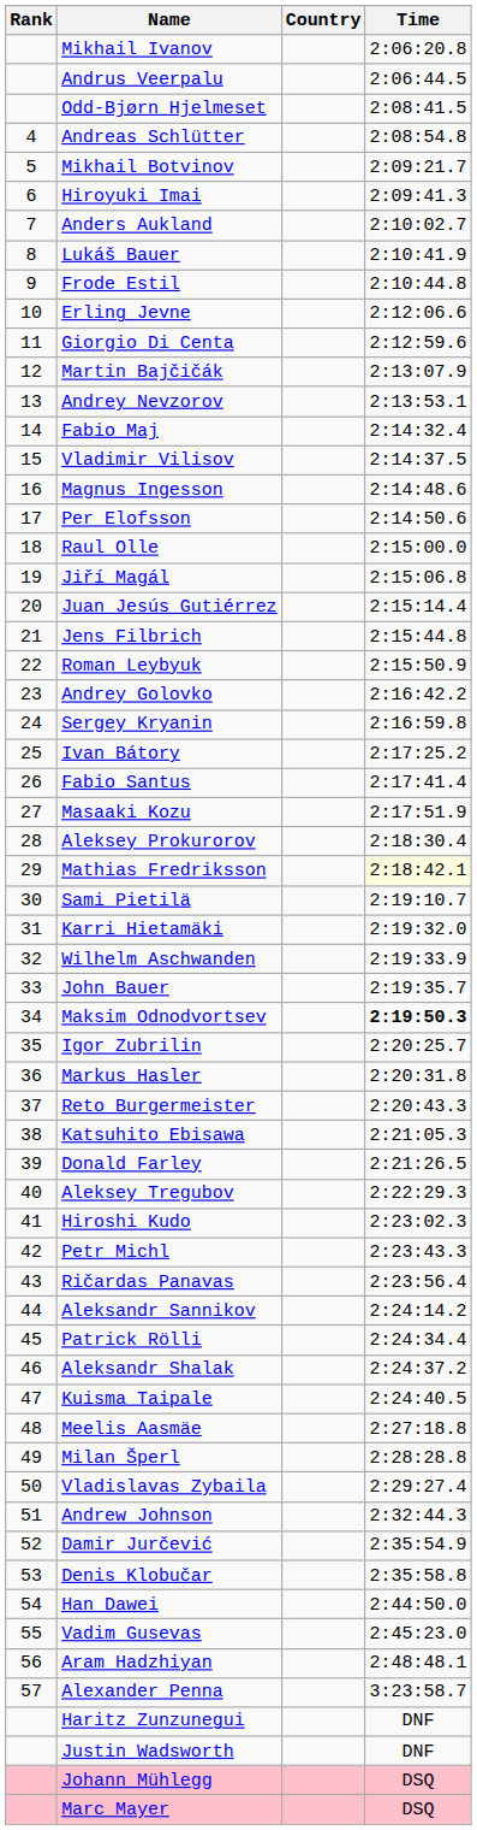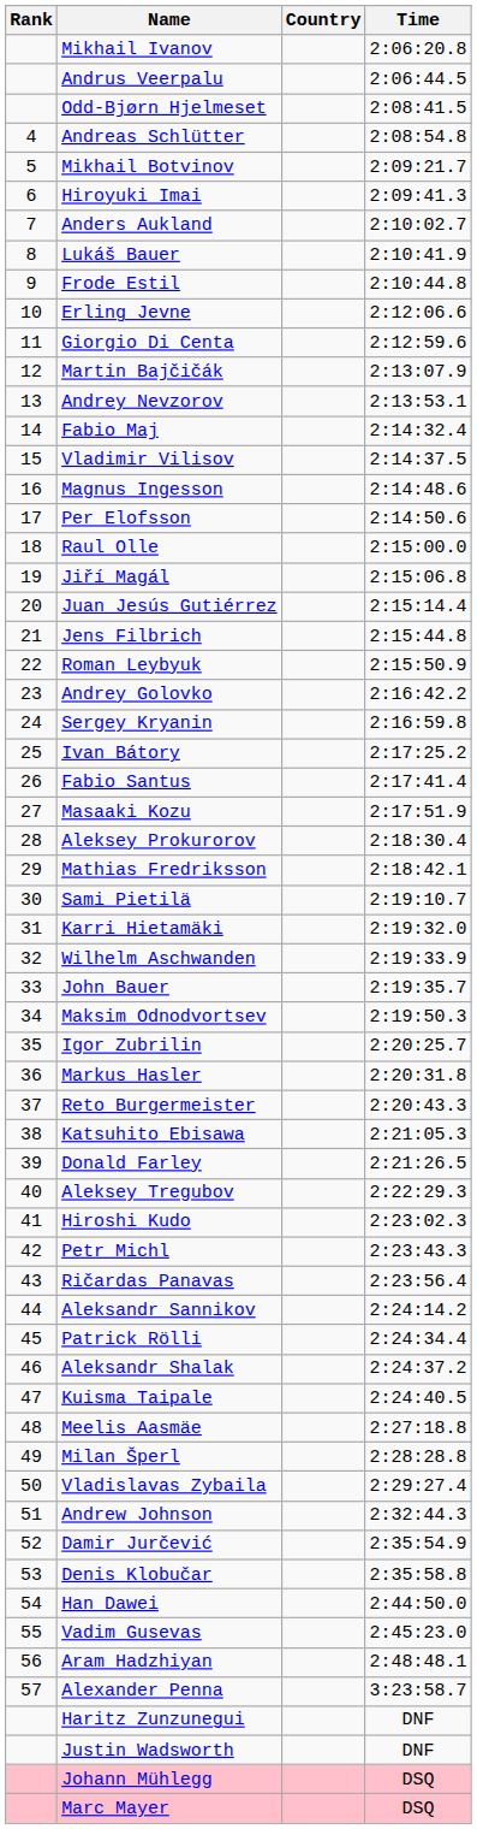 <table class="wikitable sortable" style="text-align:center">
 <tr>
 <th>Rank</th>
 <th>Name</th>
 <th>Country</th>
 <th>Time</th>
 </tr>
 <tr>
 <td></td>
 <td align="left"><a href='#'>Mikhail Ivanov</a></td>
 <td align="left"></td>
 <td>2:06:20.8</td>
 </tr>
 <tr>
 <td></td>
 <td align="left"><a href='#'>Andrus Veerpalu</a></td>
 <td align="left"></td>
 <td>2:06:44.5</td>
 </tr>
 <tr>
 <td></td>
 <td align="left"><a href='#'>Odd-Bjørn Hjelmeset</a></td>
 <td align="left"></td>
 <td>2:08:41.5</td>
 </tr>
 <tr>
 <td>4</td>
 <td align="left"><a href='#'>Andreas Schlütter</a></td>
 <td align="left"></td>
 <td>2:08:54.8</td>
 </tr>
 <tr>
 <td>5</td>
 <td align="left"><a href='#'>Mikhail Botvinov</a></td>
 <td align="left"></td>
 <td>2:09:21.7</td>
 </tr>
 <tr>
 <td>6</td>
 <td align="left"><a href='#'>Hiroyuki Imai</a></td>
 <td align="left"></td>
 <td>2:09:41.3</td>
 </tr>
 <tr>
 <td>7</td>
 <td align="left"><a href='#'>Anders Aukland</a></td>
 <td align="left"></td>
 <td>2:10:02.7</td>
 </tr>
 <tr>
 <td>8</td>
 <td align="left"><a href='#'>Lukáš Bauer</a></td>
 <td align="left"></td>
 <td>2:10:41.9</td>
 </tr>
 <tr>
 <td>9</td>
 <td align="left"><a href='#'>Frode Estil</a></td>
 <td align="left"></td>
 <td>2:10:44.8</td>
 </tr>
 <tr>
 <td>10</td>
 <td align="left"><a href='#'>Erling Jevne</a></td>
 <td align="left"></td>
 <td>2:12:06.6</td>
 </tr>
 <tr>
 <td>11</td>
 <td align="left"><a href='#'>Giorgio Di Centa</a></td>
 <td align="left"></td>
 <td>2:12:59.6</td>
 </tr>
 <tr>
 <td>12</td>
 <td align="left"><a href='#'>Martin Bajčičák</a></td>
 <td align="left"></td>
 <td>2:13:07.9</td>
 </tr>
 <tr>
 <td>13</td>
 <td align="left"><a href='#'>Andrey Nevzorov</a></td>
 <td align="left"></td>
 <td>2:13:53.1</td>
 </tr>
 <tr>
 <td>14</td>
 <td align="left"><a href='#'>Fabio Maj</a></td>
 <td align="left"></td>
 <td>2:14:32.4</td>
 </tr>
 <tr>
 <td>15</td>
 <td align="left"><a href='#'>Vladimir Vilisov</a></td>
 <td align="left"></td>
 <td>2:14:37.5</td>
 </tr>
 <tr>
 <td>16</td>
 <td align="left"><a href='#'>Magnus Ingesson</a></td>
 <td align="left"></td>
 <td>2:14:48.6</td>
 </tr>
 <tr>
 <td>17</td>
 <td align="left"><a href='#'>Per Elofsson</a></td>
 <td align="left"></td>
 <td>2:14:50.6</td>
 </tr>
 <tr>
 <td>18</td>
 <td align="left"><a href='#'>Raul Olle</a></td>
 <td align="left"></td>
 <td>2:15:00.0</td>
 </tr>
 <tr>
 <td>19</td>
 <td align="left"><a href='#'>Jiří Magál</a></td>
 <td align="left"></td>
 <td>2:15:06.8</td>
 </tr>
 <tr>
 <td>20</td>
 <td align="left"><a href='#'>Juan Jesús Gutiérrez</a></td>
 <td align="left"></td>
 <td>2:15:14.4</td>
 </tr>
 <tr>
 <td>21</td>
 <td align="left"><a href='#'>Jens Filbrich</a></td>
 <td align="left"></td>
 <td>2:15:44.8</td>
 </tr>
 <tr>
 <td>22</td>
 <td align="left"><a href='#'>Roman Leybyuk</a></td>
 <td align="left"></td>
 <td>2:15:50.9</td>
 </tr>
 <tr>
 <td>23</td>
 <td align="left"><a href='#'>Andrey Golovko</a></td>
 <td align="left"></td>
 <td>2:16:42.2</td>
 </tr>
 <tr>
 <td>24</td>
 <td align="left"><a href='#'>Sergey Kryanin</a></td>
 <td align="left"></td>
 <td>2:16:59.8</td>
 </tr>
 <tr>
 <td>25</td>
 <td align="left"><a href='#'>Ivan Bátory</a></td>
 <td align="left"></td>
 <td>2:17:25.2</td>
 </tr>
 <tr>
 <td>26</td>
 <td align="left"><a href='#'>Fabio Santus</a></td>
 <td align="left"></td>
 <td>2:17:41.4</td>
 </tr>
 <tr>
 <td>27</td>
 <td align="left"><a href='#'>Masaaki Kozu</a></td>
 <td align="left"></td>
 <td>2:17:51.9</td>
 </tr>
 <tr>
 <td>28</td>
 <td align="left"><a href='#'>Aleksey Prokurorov</a></td>
 <td align="left"></td>
 <td>2:18:30.4</td>
 </tr>
 <tr>
 <td>29</td>
 <td align="left"><a href='#'>Mathias Fredriksson</a></td>
 <td align="left"></td>
-<td style="background: lightyellow;">2:18:42.1</td>
+<td>2:18:42.1</td>
 </tr>
 <tr>
 <td>30</td>
 <td align="left"><a href='#'>Sami Pietilä</a></td>
 <td align="left"></td>
 <td>2:19:10.7</td>
 </tr>
 <tr>
 <td>31</td>
 <td align="left"><a href='#'>Karri Hietamäki</a></td>
 <td align="left"></td>
 <td>2:19:32.0</td>
 </tr>
 <tr>
 <td>32</td>
 <td align="left"><a href='#'>Wilhelm Aschwanden</a></td>
 <td align="left"></td>
 <td>2:19:33.9</td>
 </tr>
 <tr>
 <td>33</td>
 <td align="left"><a href='#'>John Bauer</a></td>
 <td align="left"></td>
 <td>2:19:35.7</td>
 </tr>
 <tr>
 <td>34</td>
 <td align="left"><a href='#'>Maksim Odnodvortsev</a></td>
 <td align="left"></td>
-<td><strong>2:19:50.3</strong></td>
+<td>2:19:50.3</td>
 </tr>
 <tr>
 <td>35</td>
 <td align="left"><a href='#'>Igor Zubrilin</a></td>
 <td align="left"></td>
 <td>2:20:25.7</td>
 </tr>
 <tr>
 <td>36</td>
 <td align="left"><a href='#'>Markus Hasler</a></td>
 <td align="left"></td>
 <td>2:20:31.8</td>
 </tr>
 <tr>
 <td>37</td>
 <td align="left"><a href='#'>Reto Burgermeister</a></td>
 <td align="left"></td>
 <td>2:20:43.3</td>
 </tr>
 <tr>
 <td>38</td>
 <td align="left"><a href='#'>Katsuhito Ebisawa</a></td>
 <td align="left"></td>
 <td>2:21:05.3</td>
 </tr>
 <tr>
 <td>39</td>
 <td align="left"><a href='#'>Donald Farley</a></td>
 <td align="left"></td>
 <td>2:21:26.5</td>
 </tr>
 <tr>
 <td>40</td>
 <td align="left"><a href='#'>Aleksey Tregubov</a></td>
 <td align="left"></td>
 <td>2:22:29.3</td>
 </tr>
 <tr>
 <td>41</td>
 <td align="left"><a href='#'>Hiroshi Kudo</a></td>
 <td align="left"></td>
 <td>2:23:02.3</td>
 </tr>
 <tr>
 <td>42</td>
 <td align="left"><a href='#'>Petr Michl</a></td>
 <td align="left"></td>
 <td>2:23:43.3</td>
 </tr>
 <tr>
 <td>43</td>
 <td align="left"><a href='#'>Ričardas Panavas</a></td>
 <td align="left"></td>
 <td>2:23:56.4</td>
 </tr>
 <tr>
 <td>44</td>
 <td align="left"><a href='#'>Aleksandr Sannikov</a></td>
 <td align="left"></td>
 <td>2:24:14.2</td>
 </tr>
 <tr>
 <td>45</td>
 <td align="left"><a href='#'>Patrick Rölli</a></td>
 <td align="left"></td>
 <td>2:24:34.4</td>
 </tr>
 <tr>
 <td>46</td>
 <td align="left"><a href='#'>Aleksandr Shalak</a></td>
 <td align="left"></td>
 <td>2:24:37.2</td>
 </tr>
 <tr>
 <td>47</td>
 <td align="left"><a href='#'>Kuisma Taipale</a></td>
 <td align="left"></td>
 <td>2:24:40.5</td>
 </tr>
 <tr>
 <td>48</td>
 <td align="left"><a href='#'>Meelis Aasmäe</a></td>
 <td align="left"></td>
 <td>2:27:18.8</td>
 </tr>
 <tr>
 <td>49</td>
 <td align="left"><a href='#'>Milan Šperl</a></td>
 <td align="left"></td>
 <td>2:28:28.8</td>
 </tr>
 <tr>
 <td>50</td>
 <td align="left"><a href='#'>Vladislavas Zybaila</a></td>
 <td align="left"></td>
 <td>2:29:27.4</td>
 </tr>
 <tr>
 <td>51</td>
 <td align="left"><a href='#'>Andrew Johnson</a></td>
 <td align="left"></td>
 <td>2:32:44.3</td>
 </tr>
 <tr>
 <td>52</td>
 <td align="left"><a href='#'>Damir Jurčević</a></td>
 <td align="left"></td>
 <td>2:35:54.9</td>
 </tr>
 <tr>
 <td>53</td>
 <td align="left"><a href='#'>Denis Klobučar</a></td>
 <td align="left"></td>
 <td>2:35:58.8</td>
 </tr>
 <tr>
 <td>54</td>
 <td align="left"><a href='#'>Han Dawei</a></td>
 <td align="left"></td>
 <td>2:44:50.0</td>
 </tr>
 <tr>
 <td>55</td>
 <td align="left"><a href='#'>Vadim Gusevas</a></td>
 <td align="left"></td>
 <td>2:45:23.0</td>
 </tr>
 <tr>
 <td>56</td>
 <td align="left"><a href='#'>Aram Hadzhiyan</a></td>
 <td align="left"></td>
 <td>2:48:48.1</td>
 </tr>
 <tr>
 <td>57</td>
 <td align="left"><a href='#'>Alexander Penna</a></td>
 <td align="left"></td>
 <td>3:23:58.7</td>
 </tr>
 <tr>
 <td></td>
 <td align="left"><a href='#'>Haritz Zunzunegui</a></td>
 <td align="left"></td>
 <td>DNF</td>
 </tr>
 <tr>
 <td></td>
 <td align="left"><a href='#'>Justin Wadsworth</a></td>
 <td align="left"></td>
 <td>DNF</td>
 </tr>
 <tr bgcolor=pink>
 <td></td>
 <td align="left"><a href='#'>Johann Mühlegg</a></td>
 <td align="left"></td>
 <td>DSQ</td>
 </tr>
 <tr bgcolor=pink>
 <td></td>
 <td align="left"><a href='#'>Marc Mayer</a></td>
 <td align="left"></td>
 <td>DSQ</td>
 </tr>
 </table>
